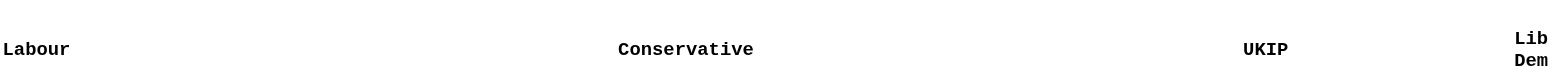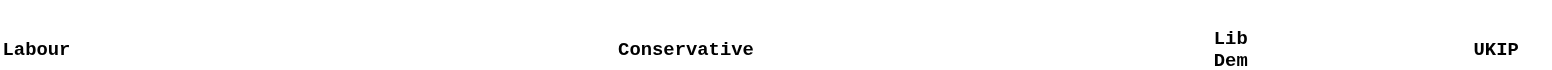 <table style="width:100%; text-align:center;">
 <tr style="color:white;">
 <td style="background:"><strong>42</strong></td>
 <td style="background:"><strong>18</strong></td>
+<td style="background:"><strong>12</strong></td>
 <td style="background:"><strong>3</strong></td>
-<td style="background:"><strong>12</strong></td>
 </tr>
 <tr>
 <td><span><strong>Labour</strong></span></td>
 <td><span><strong>Conservative</strong></span></td>
+<td><span><strong>Lib<br>Dem</strong></span></td>
 <td><span><strong>UKIP</strong></span></td>
-<td><span><strong>Lib<br>Dem</strong></span></td>
 </tr>
 </table>
